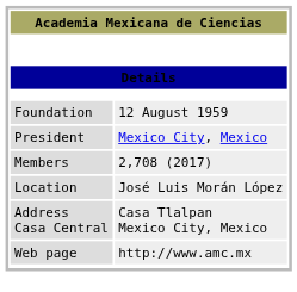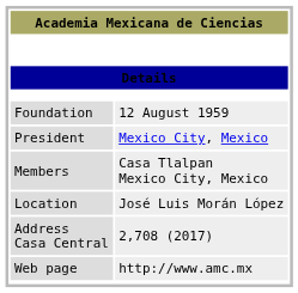 <table border="0" cellpadding="4" cellspacing="2" align="right" style="margin:1em; border: 3px solid #bbbbbb">
 <tr>
 <th colspan="2" align=center bgcolor="#aaaa66"><span><strong>Academia Mexicana de Ciencias</strong></span></th>
 </tr>
 <tr>
 <td colspan="2" align="center"></td>
 </tr>
 <tr>
 <td colspan="2" align=center></td>
 </tr>
 <tr>
 <td colspan="2" align=center></td>
 </tr>
 <tr>
 <th colspan="2" align=center bgcolor="#000099"><span><strong>Details</strong></span></th>
 </tr>
 <tr>
 <td colspan="2" align=center></td>
 </tr>
 <tr>
 <td bgcolor="#dddddd">Foundation</td>
 <td bgcolor="#eeeeee">12 August 1959</td>
 </tr>
 <tr>
 <td bgcolor="#dddddd">President</td>
 <td bgcolor="#eeeeee"><a href='#'>Mexico City</a>, <a href='#'>Mexico</a></td>
 </tr>
 <tr>
 <td bgcolor="#dddddd">Members</td>
-<td bgcolor="#eeeeee">2,708 (2017)</td>
+<td bgcolor="#eeeeee">Casa Tlalpan<br>Mexico City, Mexico</td>
 </tr>
 <tr>
 <td bgcolor="#dddddd">Location</td>
 <td bgcolor="#eeeeee">José Luis Morán López</td>
 </tr>
 <tr>
 <td bgcolor="#dddddd">Address<br>Casa Central</td>
-<td bgcolor="#eeeeee">Casa Tlalpan<br>Mexico City, Mexico</td>
+<td bgcolor="#eeeeee">2,708 (2017)</td>
 </tr>
 <tr>
 <td bgcolor="#dddddd">Web page</td>
 <td bgcolor="#eeeeee">http://www.amc.mx</td>
 </tr>
 <tr>
 </tr>
 </table>
